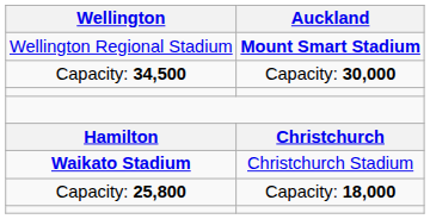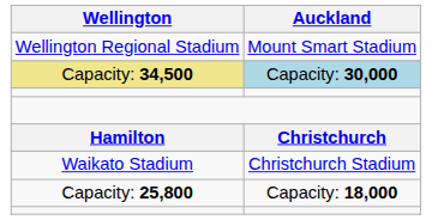 <table class="wikitable" style="margin-left: auto; margin-right: auto; border: none;text-align:center">
 <tr>
 <th><a href='#'>Wellington</a></th>
 <th><a href='#'>Auckland</a></th>
 </tr>
 <tr>
 <td><a href='#'>Wellington Regional Stadium</a></td>
-<td><strong><a href='#'>Mount Smart Stadium</a></strong></td>
+<td><a href='#'>Mount Smart Stadium</a></td>
 </tr>
 <tr>
-<td>Capacity: <strong>34,500</strong></td>
-<td>Capacity: <strong>30,000</strong></td>
+<td style="background: khaki;">Capacity: <strong>34,500</strong></td>
+<td style="background: lightblue;">Capacity: <strong>30,000</strong></td>
 </tr>
 <tr>
 <td></td>
 <td></td>
 </tr>
 <tr>
 <td colspan="4"><br></td>
 </tr>
 <tr>
 <th><a href='#'>Hamilton</a></th>
 <th><a href='#'>Christchurch</a></th>
 </tr>
 <tr>
-<td><strong><a href='#'>Waikato Stadium</a></strong></td>
+<td><a href='#'>Waikato Stadium</a></td>
 <td><a href='#'>Christchurch Stadium</a></td>
 </tr>
 <tr>
 <td>Capacity: <strong>25,800</strong></td>
 <td>Capacity: <strong>18,000</strong></td>
 </tr>
 <tr>
 <td></td>
 <td></td>
 </tr>
 </table>
